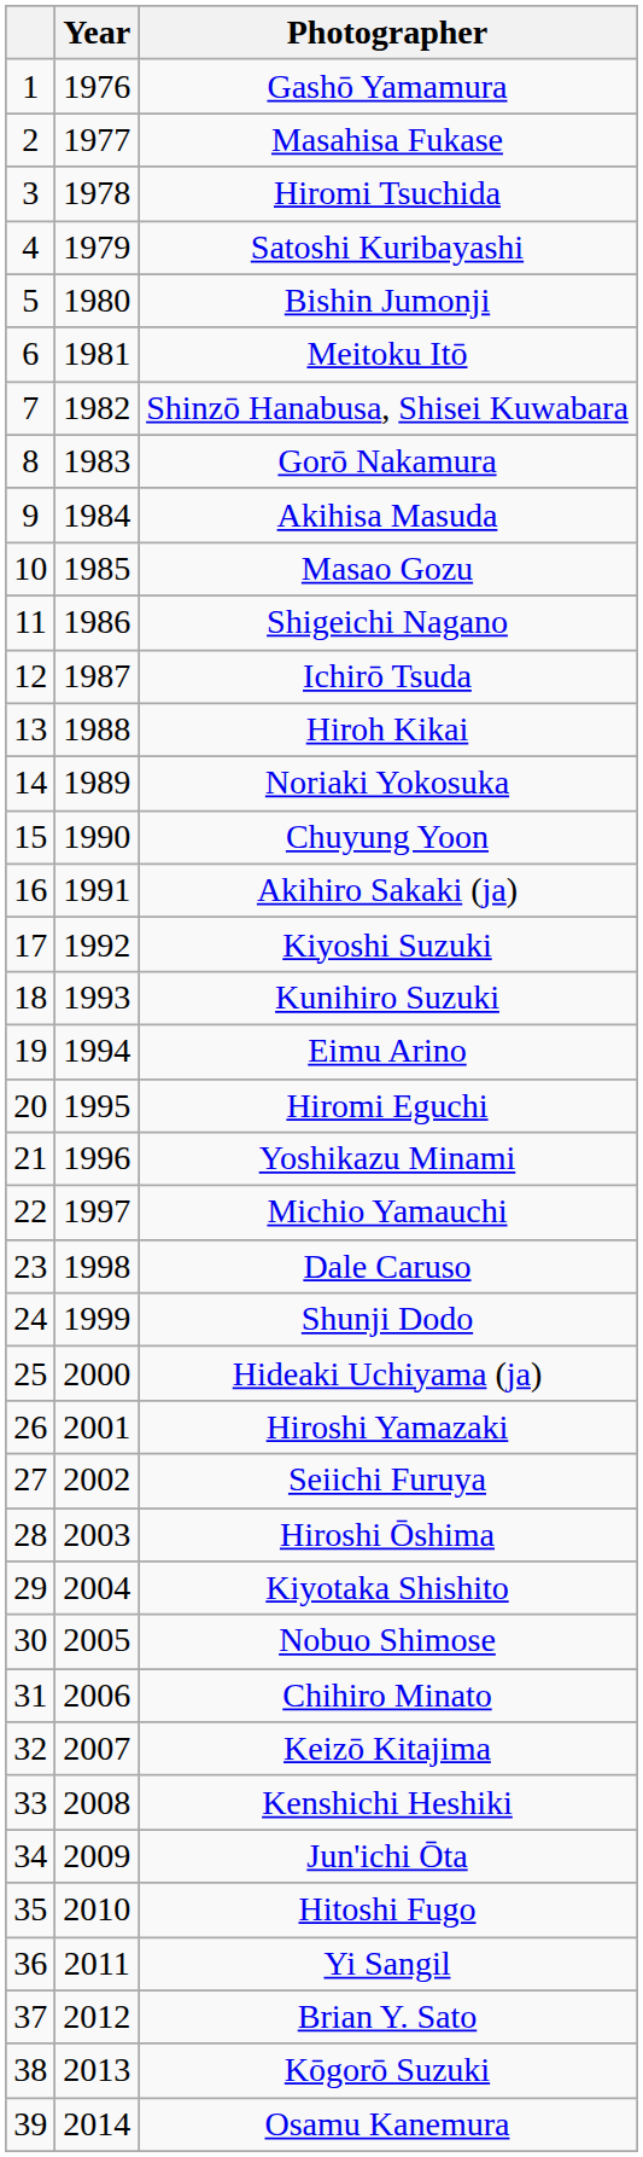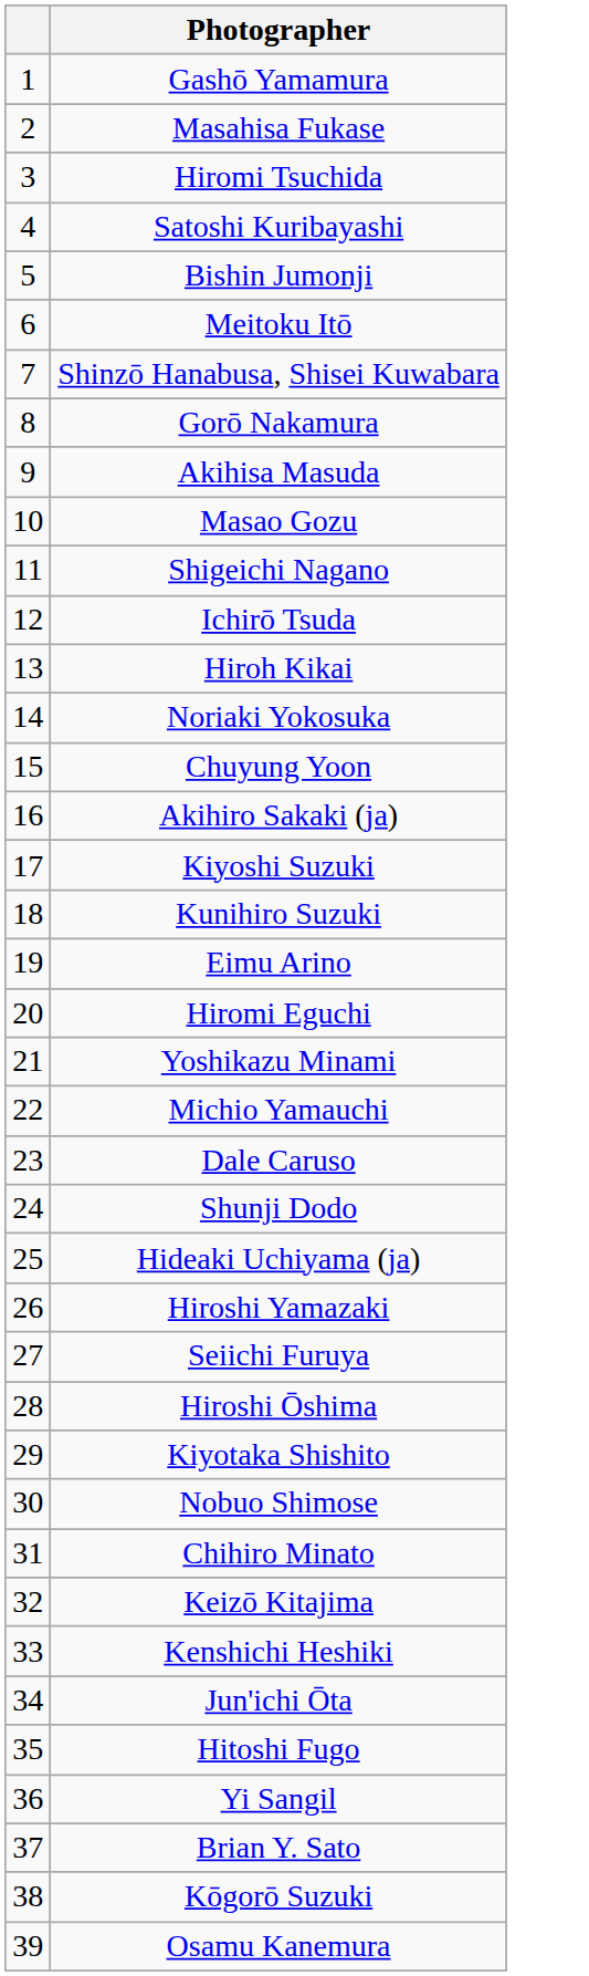 <table class="wikitable" style="text-align:center">
 <tr>
 <th> </th>
-<th>Year</th>
 <th>Photographer</th>
 </tr>
 <tr>
 <td>1</td>
-<td>1976</td>
 <td><a href='#'>Gashō Yamamura</a></td>
 </tr>
 <tr>
 <td>2</td>
-<td>1977</td>
 <td><a href='#'>Masahisa Fukase</a></td>
 </tr>
 <tr>
 <td>3</td>
-<td>1978</td>
 <td><a href='#'>Hiromi Tsuchida</a></td>
 </tr>
 <tr>
 <td>4</td>
-<td>1979</td>
 <td><a href='#'>Satoshi Kuribayashi</a></td>
 </tr>
 <tr>
 <td>5</td>
-<td>1980</td>
 <td><a href='#'>Bishin Jumonji</a></td>
 </tr>
 <tr>
 <td>6</td>
-<td>1981</td>
 <td><a href='#'>Meitoku Itō</a></td>
 </tr>
 <tr>
 <td>7</td>
-<td>1982</td>
 <td><a href='#'>Shinzō Hanabusa</a>, <a href='#'>Shisei Kuwabara</a></td>
 </tr>
 <tr>
 <td>8</td>
-<td>1983</td>
 <td><a href='#'>Gorō Nakamura</a></td>
 </tr>
 <tr>
 <td>9</td>
-<td>1984</td>
 <td><a href='#'>Akihisa Masuda</a></td>
 </tr>
 <tr>
 <td>10</td>
-<td>1985</td>
 <td><a href='#'>Masao Gozu</a></td>
 </tr>
 <tr>
 <td>11</td>
-<td>1986</td>
 <td><a href='#'>Shigeichi Nagano</a></td>
 </tr>
 <tr>
 <td>12</td>
-<td>1987</td>
 <td><a href='#'>Ichirō Tsuda</a></td>
 </tr>
 <tr>
 <td>13</td>
-<td>1988</td>
 <td><a href='#'>Hiroh Kikai</a></td>
 </tr>
 <tr>
 <td>14</td>
-<td>1989</td>
 <td><a href='#'>Noriaki Yokosuka</a></td>
 </tr>
 <tr>
 <td>15</td>
-<td>1990</td>
 <td><a href='#'>Chuyung Yoon</a></td>
 </tr>
 <tr>
 <td>16</td>
-<td>1991</td>
 <td><a href='#'>Akihiro Sakaki</a> (<a href='#'>ja</a>)</td>
 </tr>
 <tr>
 <td>17</td>
-<td>1992</td>
 <td><a href='#'>Kiyoshi Suzuki</a></td>
 </tr>
 <tr>
 <td>18</td>
-<td>1993</td>
 <td><a href='#'>Kunihiro Suzuki</a></td>
 </tr>
 <tr>
 <td>19</td>
-<td>1994</td>
 <td><a href='#'>Eimu Arino</a></td>
 </tr>
 <tr>
 <td>20</td>
-<td>1995</td>
 <td><a href='#'>Hiromi Eguchi</a></td>
 </tr>
 <tr>
 <td>21</td>
-<td>1996</td>
 <td><a href='#'>Yoshikazu Minami</a></td>
 </tr>
 <tr>
 <td>22</td>
-<td>1997</td>
 <td><a href='#'>Michio Yamauchi</a></td>
 </tr>
 <tr>
 <td>23</td>
-<td>1998</td>
 <td><a href='#'>Dale Caruso</a></td>
 </tr>
 <tr>
 <td>24</td>
-<td>1999</td>
 <td><a href='#'>Shunji Dodo</a></td>
 </tr>
 <tr>
 <td>25</td>
-<td>2000</td>
 <td><a href='#'>Hideaki Uchiyama</a> (<a href='#'>ja</a>)</td>
 </tr>
 <tr>
 <td>26</td>
-<td>2001</td>
 <td><a href='#'>Hiroshi Yamazaki</a></td>
 </tr>
 <tr>
 <td>27</td>
-<td>2002</td>
 <td><a href='#'>Seiichi Furuya</a></td>
 </tr>
 <tr>
 <td>28</td>
-<td>2003</td>
 <td><a href='#'>Hiroshi Ōshima</a></td>
 </tr>
 <tr>
 <td>29</td>
-<td>2004</td>
 <td><a href='#'>Kiyotaka Shishito</a></td>
 </tr>
 <tr>
 <td>30</td>
-<td>2005</td>
 <td><a href='#'>Nobuo Shimose</a></td>
 </tr>
 <tr>
 <td>31</td>
-<td>2006</td>
 <td><a href='#'>Chihiro Minato</a></td>
 </tr>
 <tr>
 <td>32</td>
-<td>2007</td>
 <td><a href='#'>Keizō Kitajima</a></td>
 </tr>
 <tr>
 <td>33</td>
-<td>2008</td>
 <td><a href='#'>Kenshichi Heshiki</a></td>
 </tr>
 <tr>
 <td>34</td>
-<td>2009</td>
 <td><a href='#'>Jun'ichi Ōta</a></td>
 </tr>
 <tr>
 <td>35</td>
-<td>2010</td>
 <td><a href='#'>Hitoshi Fugo</a></td>
 </tr>
 <tr>
 <td>36</td>
-<td>2011</td>
 <td><a href='#'>Yi Sangil</a></td>
 </tr>
 <tr>
 <td>37</td>
-<td>2012</td>
 <td><a href='#'>Brian Y. Sato</a></td>
 </tr>
 <tr>
 <td>38</td>
-<td>2013</td>
 <td><a href='#'>Kōgorō Suzuki</a></td>
 </tr>
 <tr>
 <td>39</td>
-<td>2014</td>
 <td><a href='#'>Osamu Kanemura</a></td>
 </tr>
 </table>
